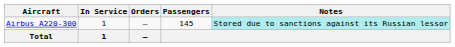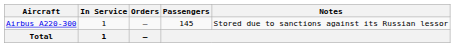 <table class="wikitable" style="margin:1em auto; border-collapse:collapse;text-align:center">
 <tr>
 <th>Aircraft</th>
 <th>In Service</th>
 <th>Orders</th>
 <th>Passengers</th>
 <th>Notes</th>
 </tr>
 <tr>
 <td><a href='#'>Airbus A220-300</a></td>
 <td>1</td>
 <td>—</td>
 <td>145</td>
-<td style="background: paleturquoise;">Stored due to sanctions against its Russian lessor</td>
+<td>Stored due to sanctions against its Russian lessor</td>
 </tr>
 <tr>
 <th>Total</th>
 <th>1</th>
 <th>—</th>
 <th colspan="2"></th>
 </tr>
 </table>
